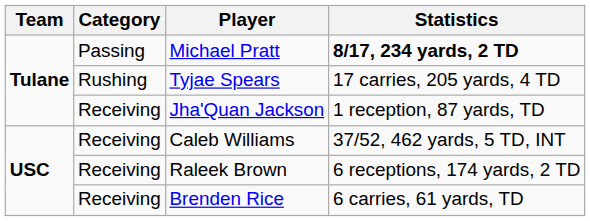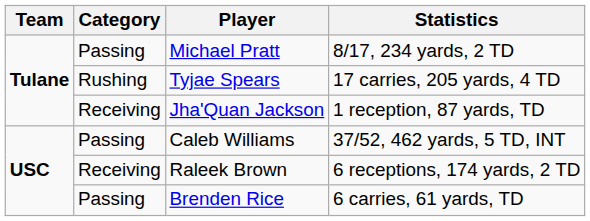 <table class="wikitable" style="float: right;">
 <tr>
 <th>Team</th>
 <th>Category</th>
 <th>Player</th>
 <th>Statistics</th>
 </tr>
 <tr>
 <td rowspan=3><strong>Tulane</strong></td>
 <td>Passing</td>
 <td><a href='#'>Michael Pratt</a></td>
-<td><strong>8/17, 234 yards, 2 TD</strong></td>
+<td>8/17, 234 yards, 2 TD</td>
 </tr>
 <tr>
 <td>Rushing</td>
 <td><a href='#'>Tyjae Spears</a></td>
 <td>17 carries, 205 yards, 4 TD</td>
 </tr>
 <tr>
 <td>Receiving</td>
 <td><a href='#'>Jha'Quan Jackson</a></td>
 <td>1 reception, 87 yards, TD</td>
 </tr>
 <tr>
 <td rowspan=3><strong>USC</strong></td>
-<td>Receiving</td>
+<td>Passing</td>
 <td>Caleb Williams</td>
 <td>37/52, 462 yards, 5 TD, INT</td>
 </tr>
 <tr>
 <td>Receiving</td>
 <td>Raleek Brown</td>
 <td>6 receptions, 174 yards, 2 TD</td>
 </tr>
 <tr>
-<td>Receiving</td>
+<td>Passing</td>
 <td><a href='#'>Brenden Rice</a></td>
 <td>6 carries, 61 yards, TD</td>
 </tr>
 </table>
